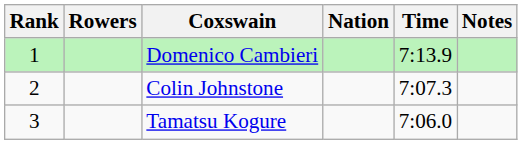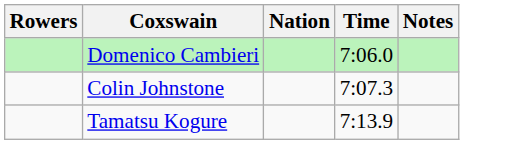 <table class="wikitable sortable" style="text-align:center">
 <tr>
-<th>Rank</th>
 <th>Rowers</th>
 <th>Coxswain</th>
 <th>Nation</th>
 <th>Time</th>
 <th>Notes</th>
 </tr>
 <tr bgcolor=bbf3bb>
-<td>1</td>
 <td align=left></td>
 <td align=left><a href='#'>Domenico Cambieri</a></td>
 <td align=left></td>
-<td>7:13.9</td>
+<td>7:06.0</td>
 <td></td>
 </tr>
 <tr>
-<td>2</td>
 <td align=left></td>
 <td align=left><a href='#'>Colin Johnstone</a></td>
 <td align=left></td>
 <td>7:07.3</td>
 <td></td>
 </tr>
 <tr>
-<td>3</td>
 <td align=left></td>
 <td align=left><a href='#'>Tamatsu Kogure</a></td>
 <td align=left></td>
-<td>7:06.0</td>
+<td>7:13.9</td>
 <td></td>
 </tr>
 </table>
